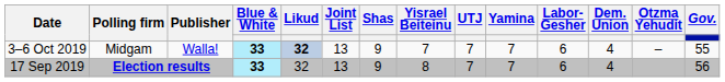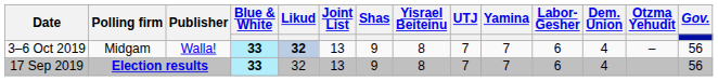 <table class="wikitable sortable" style="text-align:center;font-size:90%;line-height:13px">
 <tr>
 <th rowspan=2>Date</th>
 <th rowspan=2>Polling firm</th>
 <th rowspan=2>Publisher</th>
 <th><a href='#'>Blue &<br>White</a></th>
 <th><a href='#'>Likud</a></th>
 <th><a href='#'>Joint<br>List</a></th>
 <th><a href='#'>Shas</a></th>
 <th><a href='#'>Yisrael<br>Beiteinu</a></th>
 <th><a href='#'>UTJ</a></th>
 <th><a href='#'>Yamina</a></th>
 <th><a href='#'>Labor-<br>Gesher</a></th>
 <th><a href='#'>Dem.<br>Union</a></th>
 <th><a href='#'>Otzma<br>Yehudit</a></th>
 <th><a href='#'><em>Gov.</em></a></th>
 </tr>
 <tr>
 <th style="background:"></th>
 <th style="background:"></th>
 <th style="background:"></th>
 <th style="background:"></th>
 <th style="background:"></th>
 <th style="background:"></th>
 <th style="background:"></th>
 <th style="background:"></th>
 <th style="background:"></th>
 <th style="background:"></th>
 <th style="background:#000EA3;"></th>
 </tr>
 <tr>
 <td data-sort-value="2019-10-06">3–6 Oct 2019</td>
 <td>Midgam</td>
 <td><a href='#'>Walla!</a></td>
 <td style="background:#B2EDFB"><strong>33</strong>	</td>
 <td style="background:#BBCDE4"><strong>32</strong>	</td>
 <td>13					</td>
 <td>9					</td>
-<td>7					</td>
+<td>8					</td>
 <td>7					</td>
 <td>7					</td>
 <td>6					</td>
 <td>4					</td>
 <td>–					</td>
-<td>55					</td>
+<td>56					</td>
 </tr>
 <tr style="background:silver">
 <td data-sort-value="2019-09-17">17 Sep 2019</td>
 <td colspan=2><strong><a href='#'>Election results</a></strong></td>
 <td style="background:#B2EDFB"><strong>33</strong>	</td>
 <td>32					</td>
 <td>13					</td>
 <td>9					</td>
 <td>8					</td>
 <td>7					</td>
 <td>7					</td>
 <td>6					</td>
 <td>4					</td>
 <td>			</td>
 <td>56					</td>
 </tr>
 </table>
